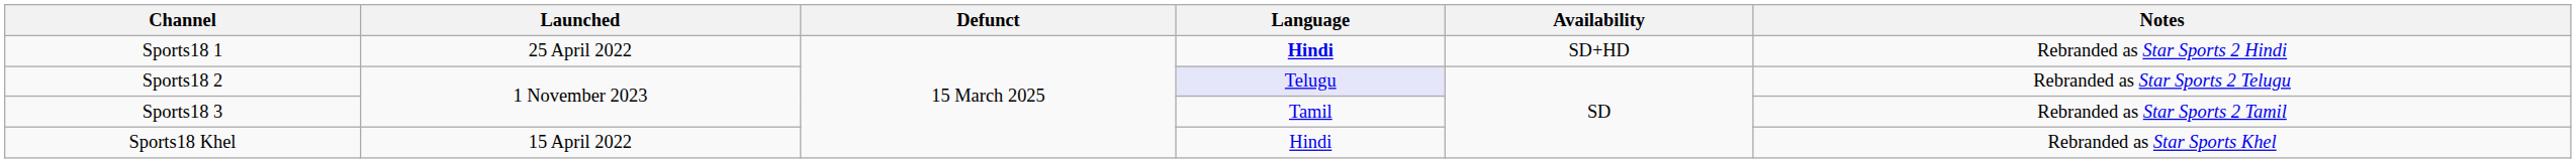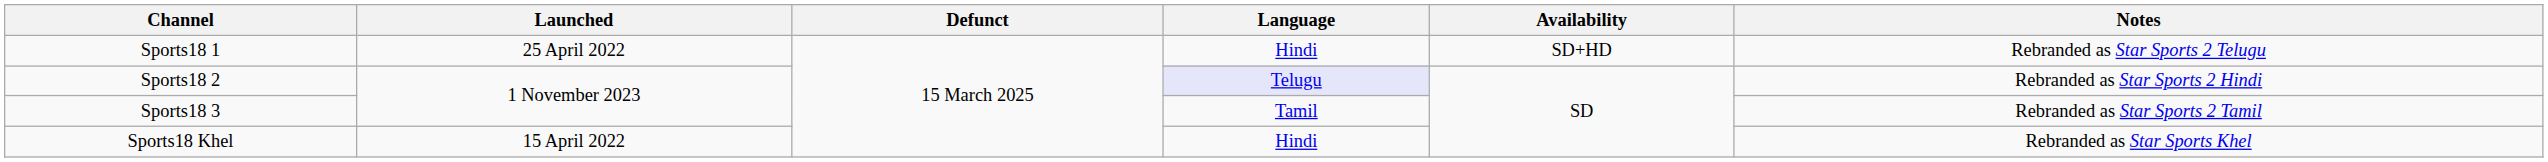 <table class="wikitable sortable" style="border-collapse:collapse; font-size: 90%; text-align:center" width="100%">
 <tr>
 <th>Channel</th>
 <th>Launched</th>
 <th>Defunct</th>
 <th>Language</th>
 <th>Availability</th>
 <th>Notes</th>
 </tr>
 <tr>
 <td>Sports18 1</td>
 <td>25 April 2022</td>
 <td rowspan="4">15 March 2025</td>
-<td rowspan="1"><strong><a href='#'>Hindi</a></strong></td>
+<td rowspan="1"><a href='#'>Hindi</a></td>
 <td>SD+HD</td>
-<td>Rebranded as <em><a href='#'>Star Sports 2 Hindi</a></em></td>
+<td>Rebranded as <em><a href='#'>Star Sports 2 Telugu</a></em></td>
 </tr>
 <tr>
 <td>Sports18 2</td>
 <td rowspan="2">1 November 2023</td>
 <td rowspan="1" style="background: lavender;"><a href='#'>Telugu</a></td>
 <td rowspan="3">SD</td>
-<td>Rebranded as <em><a href='#'>Star Sports 2 Telugu</a></em></td>
+<td>Rebranded as <em><a href='#'>Star Sports 2 Hindi</a></em></td>
 </tr>
 <tr>
 <td>Sports18 3</td>
 <td rowspan="1"><a href='#'>Tamil</a></td>
 <td>Rebranded as <em><a href='#'>Star Sports 2 Tamil</a></em></td>
 </tr>
 <tr>
 <td>Sports18 Khel</td>
 <td>15 April 2022</td>
 <td rowspan="1"><a href='#'>Hindi</a></td>
 <td>Rebranded as <em><a href='#'>Star Sports Khel</a></em></td>
 </tr>
 </table>
